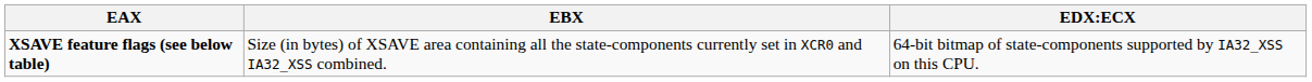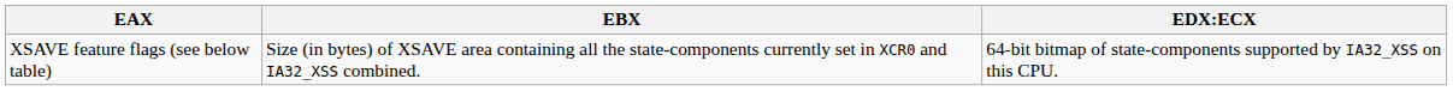 <table class="wikitable">
 <tr>
 <th>EAX</th>
 <th>EBX</th>
 <th>EDX:ECX</th>
 </tr>
 <tr>
-<td><strong>XSAVE feature flags (see below table)</strong></td>
+<td>XSAVE feature flags (see below table)</td>
 <td>Size (in bytes) of XSAVE area containing all the state-components currently set in <code>XCR0</code> and <code>IA32_XSS</code> combined.</td>
 <td>64-bit bitmap of state-components supported by <code>IA32_XSS</code> on this CPU.</td>
 </tr>
 </table>
